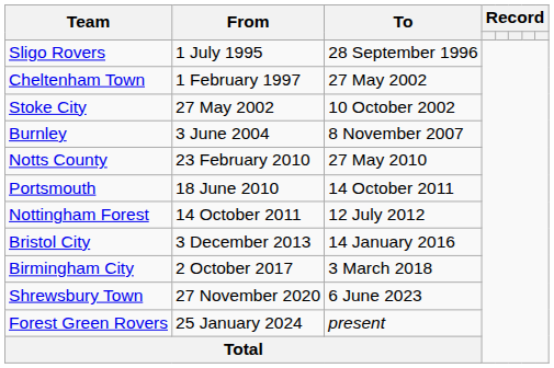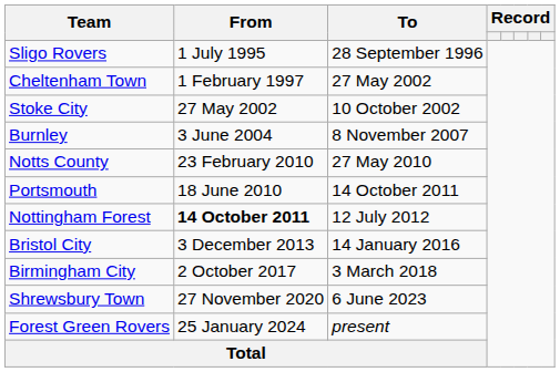 <table class=wikitable style="text-align: center">
 <tr>
 <th rowspan=2>Team</th>
 <th rowspan=2>From</th>
 <th rowspan=2>To</th>
 <th colspan=5>Record</th>
 </tr>
 <tr>
 <th></th>
 <th></th>
 <th></th>
 <th></th>
 <th></th>
 </tr>
 <tr>
 <td align=left><a href='#'>Sligo Rovers</a></td>
 <td align=left>1 July 1995</td>
 <td align=left>28 September 1996<br></td>
 </tr>
 <tr>
 <td align=left><a href='#'>Cheltenham Town</a></td>
 <td align=left>1 February 1997</td>
 <td align=left>27 May 2002<br></td>
 </tr>
 <tr>
 <td align=left><a href='#'>Stoke City</a></td>
 <td align=left>27 May 2002</td>
 <td align=left>10 October 2002<br></td>
 </tr>
 <tr>
 <td align=left><a href='#'>Burnley</a></td>
 <td align=left>3 June 2004</td>
 <td align=left>8 November 2007<br></td>
 </tr>
 <tr>
 <td align=left><a href='#'>Notts County</a></td>
 <td align=left>23 February 2010</td>
 <td align=left>27 May 2010<br></td>
 </tr>
 <tr>
 <td align=left><a href='#'>Portsmouth</a></td>
 <td align=left>18 June 2010</td>
 <td align=left>14 October 2011<br></td>
 </tr>
 <tr>
 <td align=left><a href='#'>Nottingham Forest</a></td>
-<td align=left>14 October 2011</td>
+<td align=left><strong>14 October 2011</strong></td>
 <td align=left>12 July 2012<br></td>
 </tr>
 <tr>
 <td align=left><a href='#'>Bristol City</a></td>
 <td align=left>3 December 2013</td>
 <td align=left>14 January 2016<br></td>
 </tr>
 <tr>
 <td align=left><a href='#'>Birmingham City</a></td>
 <td align=left>2 October 2017</td>
 <td align=left>3 March 2018<br></td>
 </tr>
 <tr>
 <td align=left><a href='#'>Shrewsbury Town</a></td>
 <td align=left>27 November 2020</td>
 <td align=left>6 June 2023<br></td>
 </tr>
 <tr>
 <td align=left><a href='#'>Forest Green Rovers</a></td>
 <td align=left>25 January 2024</td>
 <td align=left><em>present</em><br></td>
 </tr>
 <tr>
 <th colspan=3>Total<br></th>
 </tr>
 </table>
